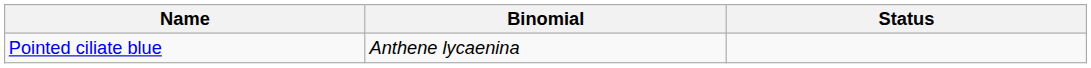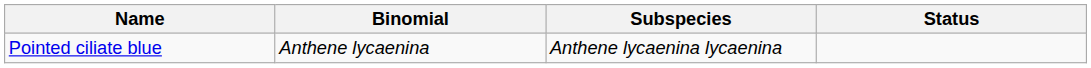 <table width=60% class="wikitable">
 <tr>
 <th width=20%>Name</th>
 <th width=20%>Binomial</th>
+<th width=20%>Subspecies</th>
 <th width=20%>Status</th>
 </tr>
 <tr>
 <td><a href='#'>Pointed ciliate blue</a><br> </td>
 <td><em>Anthene lycaenina</em></td>
+<td><em>Anthene lycaenina lycaenina</em></td>
 <td></td>
 </tr>
 </table>
